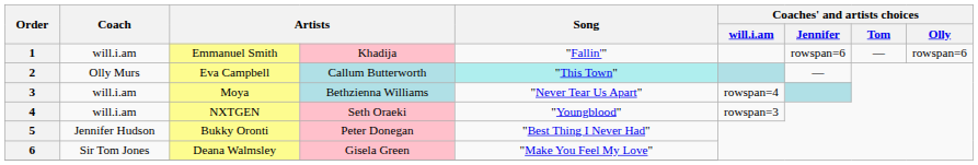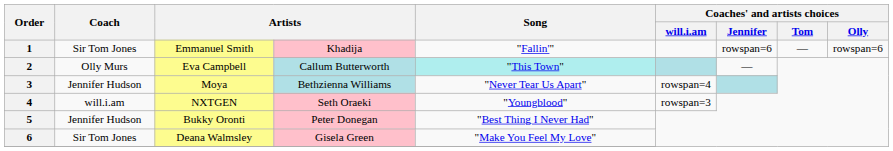 <table class="wikitable" style="text-align:center; width:100%;">
 <tr>
 <th scope="col" style="width:05%;" rowspan="2">Order</th>
 <th scope="col" style="width:10%;" rowspan="2">Coach</th>
 <th scope="col" style="width:26%;" colspan="2" rowspan="2">Artists</th>
 <th scope="col" style="width:24%;" rowspan="2">Song</th>
 <th scope="col" style="width:20%;" colspan="4">Coaches' and artists choices</th>
 </tr>
 <tr>
 <th style="width:05%;"><a href='#'>will.i.am</a></th>
 <th style="width:05%;"><a href='#'>Jennifer</a></th>
 <th style="width:05%;"><a href='#'>Tom</a></th>
 <th style="width:05%;"><a href='#'>Olly</a></th>
 </tr>
 <tr>
 <th scope="col">1</th>
-<td>will.i.am</td>
+<td>Sir Tom Jones</td>
 <td style="background:#fdfc8f;text-align:center;">Emmanuel Smith</td>
 <td style="background:pink;text-align:center;">Khadija</td>
 <td>"<a href='#'>Fallin'</a>"</td>
 <td></td>
 <td>rowspan=6 </td>
 <td>—</td>
 <td>rowspan=6 </td>
 </tr>
 <tr>
 <th scope="col">2</th>
 <td>Olly Murs</td>
 <td style="background:#fdfc8f;text-align:center;">Eva Campbell</td>
 <td style="background:#b0e0e6;text-align:center;">Callum Butterworth</td>
 <td style="background: paleturquoise;">"<a href='#'>This Town</a>"</td>
 <td style="background:#b0e0e6;"><strong></strong></td>
 <td>—</td>
 </tr>
 <tr>
 <th scope="col">3</th>
-<td>will.i.am</td>
+<td>Jennifer Hudson</td>
 <td style="background:#fdfc8f;text-align:center;">Moya</td>
 <td style="background:#b0e0e6;text-align:center;">Bethzienna Williams</td>
 <td>"<a href='#'>Never Tear Us Apart</a>"</td>
 <td>rowspan=4 </td>
 <td style="background:#b0e0e6;"><strong></strong></td>
 </tr>
 <tr>
 <th scope="col">4</th>
 <td>will.i.am</td>
 <td style="background:#fdfc8f;text-align:center;">NXTGEN</td>
 <td style="background:pink;text-align:center;">Seth Oraeki</td>
 <td>"<a href='#'>Youngblood</a>"</td>
 <td>rowspan=3 </td>
 </tr>
 <tr>
 <th scope="col">5</th>
 <td>Jennifer Hudson</td>
 <td style="background:#fdfc8f;text-align:center;">Bukky Oronti</td>
 <td style="background:pink;text-align:center;">Peter Donegan</td>
 <td>"<a href='#'>Best Thing I Never Had</a>"</td>
 </tr>
 <tr>
 <th scope="col">6</th>
 <td>Sir Tom Jones</td>
 <td style="background:#fdfc8f;text-align:center;">Deana Walmsley</td>
 <td style="background:pink;text-align:center;">Gisela Green</td>
 <td>"<a href='#'>Make You Feel My Love</a>"</td>
 </tr>
 <tr>
 </tr>
 </table>
